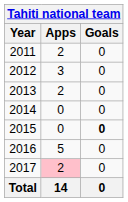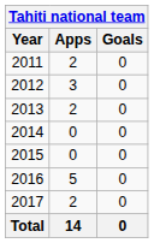 <table class="wikitable" style="text-align:center">
 <tr>
 <th colspan=3><a href='#'>Tahiti national team</a></th>
 </tr>
 <tr>
 <th>Year</th>
 <th>Apps</th>
 <th>Goals</th>
 </tr>
 <tr>
 <td>2011</td>
 <td>2</td>
 <td>0</td>
 </tr>
 <tr>
 <td>2012</td>
 <td>3</td>
 <td>0</td>
 </tr>
 <tr>
 <td>2013</td>
 <td>2</td>
 <td>0</td>
 </tr>
 <tr>
 <td>2014</td>
 <td>0</td>
 <td>0</td>
 </tr>
 <tr>
 <td>2015</td>
 <td>0</td>
-<td><strong>0</strong></td>
+<td>0</td>
 </tr>
 <tr>
 <td>2016</td>
 <td>5</td>
 <td>0</td>
 </tr>
 <tr>
 <td>2017</td>
-<td style="background: pink;">2</td>
+<td>2</td>
 <td>0</td>
 </tr>
 <tr>
 <th>Total</th>
 <th>14</th>
 <th>0</th>
 </tr>
 </table>
